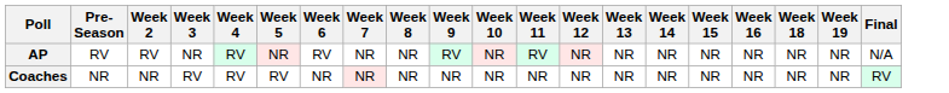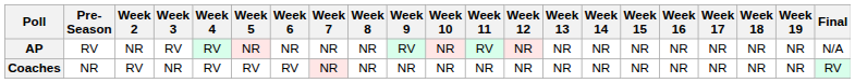 <table class="wikitable" style="white-space:nowrap;font-size:90%">
 <tr>
 <th>Poll</th>
 <th>Pre-<br>Season</th>
 <th>Week<br>2</th>
 <th>Week<br>3</th>
 <th>Week<br>4</th>
 <th>Week<br>5</th>
 <th>Week<br>6</th>
 <th>Week<br>7</th>
 <th>Week<br>8</th>
 <th>Week<br>9</th>
 <th>Week<br>10</th>
 <th>Week<br>11</th>
 <th>Week<br>12</th>
 <th>Week<br>13</th>
 <th>Week<br>14</th>
 <th>Week<br>15</th>
 <th>Week<br>16</th>
+<th>Week<br>17</th>
 <th>Week<br>18</th>
 <th>Week<br>19</th>
 <th>Final</th>
 </tr>
 <tr style="text-align:center;">
 <th>AP</th>
 <td style="background:#FFF;">RV</td>
+<td style="background:#FFF;">NR</td>
 <td style="background:#FFF;">RV</td>
-<td style="background:#FFF;">NR</td>
 <td style="background:#D8FFEB;">RV</td>
 <td style="background:#FFE6E6;">NR</td>
-<td style="background:#FFF;">RV</td>
+<td style="background:#FFF;">NR</td>
 <td style="background:#FFF;">NR</td>
 <td style="background:#FFF;">NR</td>
 <td style="background:#D8FFEB;">RV</td>
 <td style="background:#FFE6E6;">NR</td>
 <td style="background:#D8FFEB;">RV</td>
 <td style="background:#FFE6E6;">NR</td>
 <td style="background:#FFF;">NR</td>
 <td style="background:#FFF;">NR</td>
 <td style="background:#FFF;">NR</td>
 <td style="background:#FFF;">NR</td>
 <td style="background:#FFF;">NR</td>
 <td style="background:#FFF;">NR</td>
+<td style="background:#FFF;">NR</td>
 <td style="background:#FFF;">N/A</td>
 </tr>
 <tr style="text-align:center;">
 <th>Coaches</th>
 <td style="background:#FFF;">NR</td>
+<td style="background:#FFF;">RV</td>
 <td style="background:#FFF;">NR</td>
 <td style="background:#FFF;">RV</td>
 <td style="background:#FFF;">RV</td>
 <td style="background:#FFF;">RV</td>
+<td style="background:#FFE6E6;">NR</td>
 <td style="background:#FFF;">NR</td>
-<td style="background:#FFE6E6;">NR</td>
 <td style="background:#FFF;">NR</td>
 <td style="background:#FFF;">NR</td>
 <td style="background:#FFF;">NR</td>
 <td style="background:#FFF;">NR</td>
 <td style="background:#FFF;">NR</td>
 <td style="background:#FFF;">NR</td>
 <td style="background:#FFF;">NR</td>
 <td style="background:#FFF;">NR</td>
 <td style="background:#FFF;">NR</td>
 <td style="background:#FFF;">NR</td>
 <td style="background:#FFF;">NR</td>
 <td style="background:#D8FFEB;">RV</td>
 </tr>
 </table>
